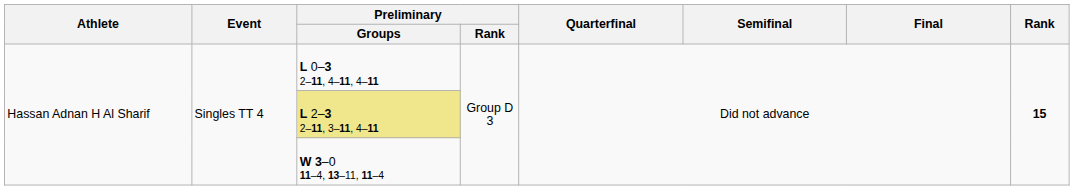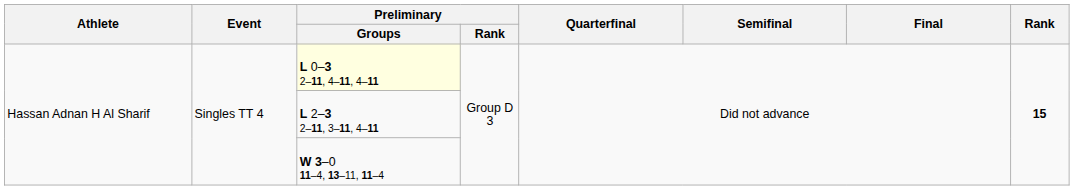 <table class="wikitable" width="98%" style="text-align:left; font-size:90%">
 <tr>
 <th rowspan="2" width="16%">Athlete</th>
 <th rowspan="2" width="9%">Event</th>
 <th colspan="2">Preliminary</th>
 <th rowspan="2" width="14%">Quarterfinal</th>
 <th rowspan="2" width="14%">Semifinal</th>
 <th rowspan="2" width="14%">Final</th>
 <th rowspan="2" width="5%">Rank</th>
 </tr>
 <tr>
 <th width="14%">Groups</th>
 <th width="5%">Rank</th>
 </tr>
 <tr>
 <td rowspan="3">Hassan Adnan H Al Sharif</td>
 <td rowspan="3">Singles TT 4</td>
-<td><br><strong>L</strong> 0–<strong>3</strong><br><small>2–<strong>11</strong>, 4–<strong>11</strong>, 4–<strong>11</strong></small></td>
+<td style="background: lightyellow;"><br><strong>L</strong> 0–<strong>3</strong><br><small>2–<strong>11</strong>, 4–<strong>11</strong>, 4–<strong>11</strong></small></td>
 <td rowspan="3" align=center>Group D<br>3</td>
 <td colspan=3 rowspan="3" align=center>Did not advance</td>
 <td rowspan="3" align="center"><strong>15</strong></td>
 </tr>
 <tr>
-<td style="background: khaki;"><br><strong>L</strong> 2–<strong>3</strong><br><small>2–<strong>11</strong>, 3–<strong>11</strong>, 4–<strong>11</strong></small></td>
+<td><br><strong>L</strong> 2–<strong>3</strong><br><small>2–<strong>11</strong>, 3–<strong>11</strong>, 4–<strong>11</strong></small></td>
 </tr>
 <tr>
 <td><br><strong>W</strong> <strong>3</strong>–0<br><small><strong>11</strong>–4, <strong>13</strong>–11, <strong>11</strong>–4</small></td>
 </tr>
 </table>
